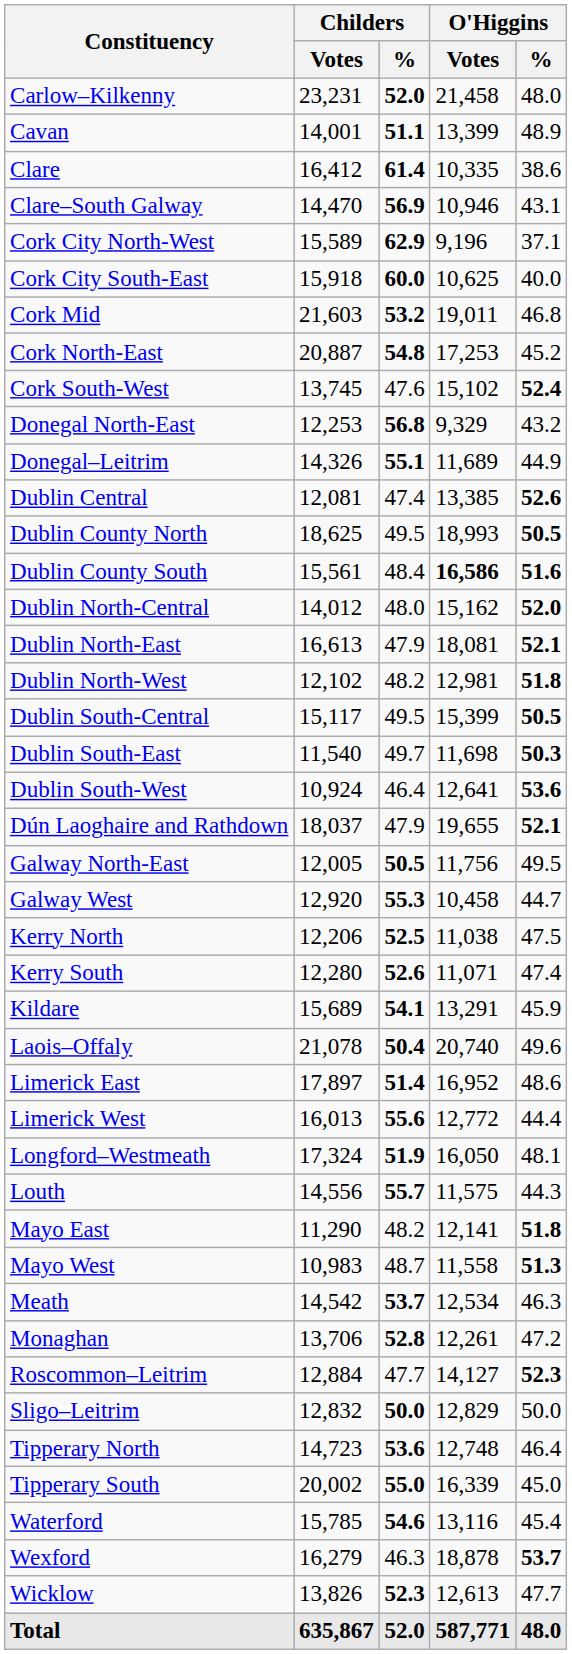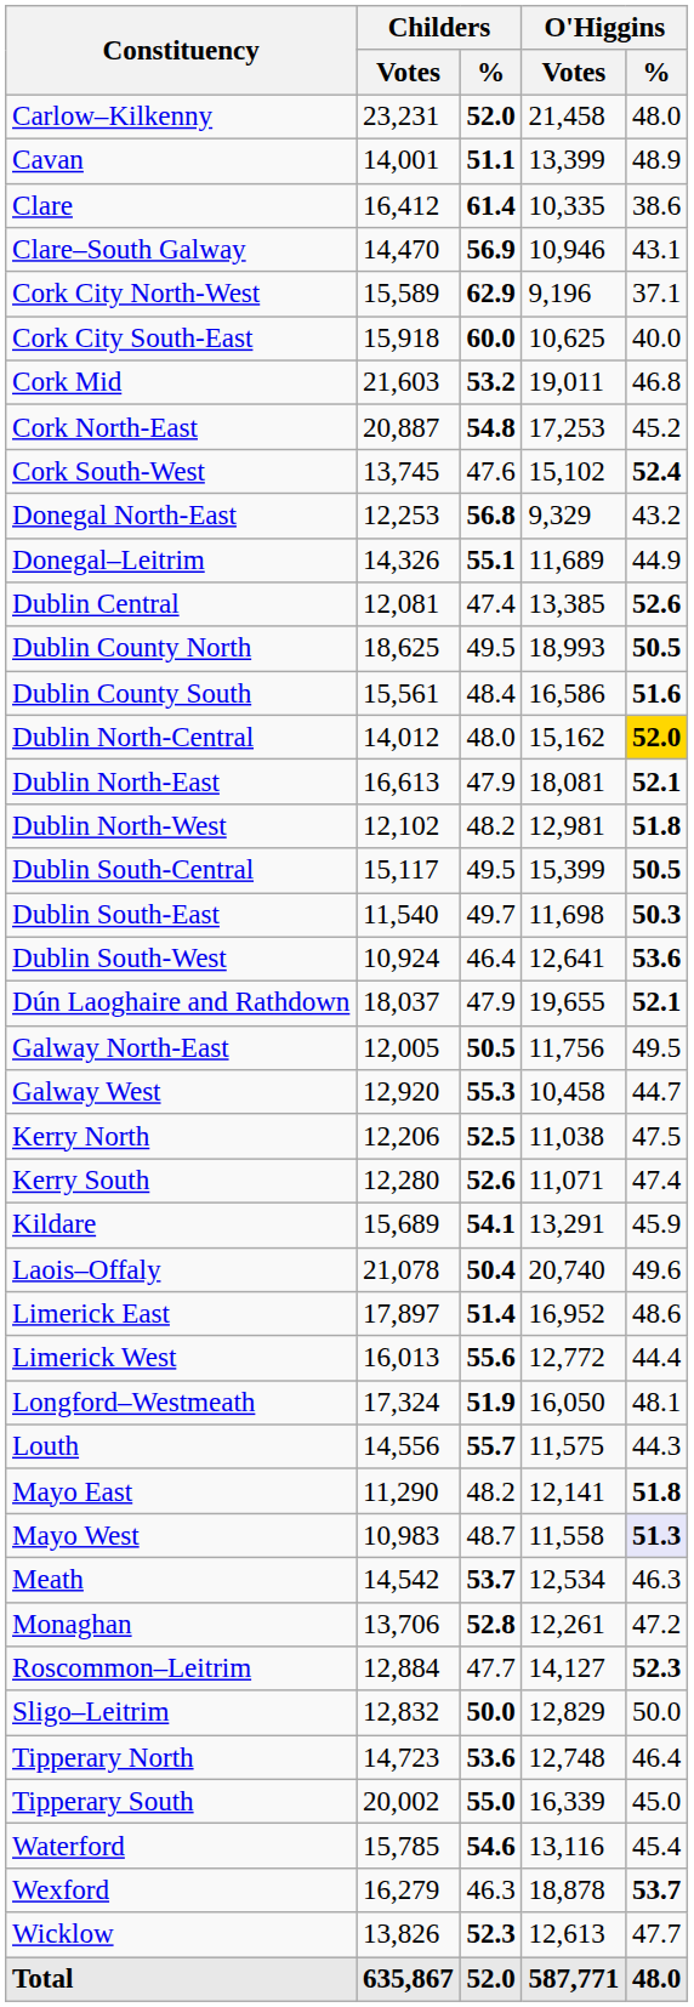 <table class="wikitable sortable">
 <tr>
 <th rowspan="2">Constituency</th>
 <th colspan="2">Childers</th>
 <th colspan="2">O'Higgins</th>
 </tr>
 <tr>
 <th>Votes</th>
 <th>%</th>
 <th>Votes</th>
 <th>%</th>
 </tr>
 <tr>
 <td><a href='#'>Carlow–Kilkenny</a></td>
 <td>23,231</td>
 <td><strong>52.0</strong></td>
 <td>21,458</td>
 <td>48.0</td>
 </tr>
 <tr>
 <td><a href='#'>Cavan</a></td>
 <td>14,001</td>
 <td><strong>51.1</strong></td>
 <td>13,399</td>
 <td>48.9</td>
 </tr>
 <tr>
 <td><a href='#'>Clare</a></td>
 <td>16,412</td>
 <td><strong>61.4</strong></td>
 <td>10,335</td>
 <td>38.6</td>
 </tr>
 <tr>
 <td><a href='#'>Clare–South Galway</a></td>
 <td>14,470</td>
 <td><strong>56.9</strong></td>
 <td>10,946</td>
 <td>43.1</td>
 </tr>
 <tr>
 <td><a href='#'>Cork City North-West</a></td>
 <td>15,589</td>
 <td><strong>62.9</strong></td>
 <td>9,196</td>
 <td>37.1</td>
 </tr>
 <tr>
 <td><a href='#'>Cork City South-East</a></td>
 <td>15,918</td>
 <td><strong>60.0</strong></td>
 <td>10,625</td>
 <td>40.0</td>
 </tr>
 <tr>
 <td><a href='#'>Cork Mid</a></td>
 <td>21,603</td>
 <td><strong>53.2</strong></td>
 <td>19,011</td>
 <td>46.8</td>
 </tr>
 <tr>
 <td><a href='#'>Cork North-East</a></td>
 <td>20,887</td>
 <td><strong>54.8</strong></td>
 <td>17,253</td>
 <td>45.2</td>
 </tr>
 <tr>
 <td><a href='#'>Cork South-West</a></td>
 <td>13,745</td>
 <td>47.6</td>
 <td>15,102</td>
 <td><strong>52.4</strong></td>
 </tr>
 <tr>
 <td><a href='#'>Donegal North-East</a></td>
 <td>12,253</td>
 <td><strong>56.8</strong></td>
 <td>9,329</td>
 <td>43.2</td>
 </tr>
 <tr>
 <td><a href='#'>Donegal–Leitrim</a></td>
 <td>14,326</td>
 <td><strong>55.1</strong></td>
 <td>11,689</td>
 <td>44.9</td>
 </tr>
 <tr>
 <td><a href='#'>Dublin Central</a></td>
 <td>12,081</td>
 <td>47.4</td>
 <td>13,385</td>
 <td><strong>52.6</strong></td>
 </tr>
 <tr>
 <td><a href='#'>Dublin County North</a></td>
 <td>18,625</td>
 <td>49.5</td>
 <td>18,993</td>
 <td><strong>50.5</strong></td>
 </tr>
 <tr>
 <td><a href='#'>Dublin County South</a></td>
 <td>15,561</td>
 <td>48.4</td>
-<td><strong>16,586</strong></td>
+<td>16,586</td>
 <td><strong>51.6</strong></td>
 </tr>
 <tr>
 <td><a href='#'>Dublin North-Central</a></td>
 <td>14,012</td>
 <td>48.0</td>
 <td>15,162</td>
-<td><strong>52.0</strong></td>
+<td style="background: gold;"><strong>52.0</strong></td>
 </tr>
 <tr>
 <td><a href='#'>Dublin North-East</a></td>
 <td>16,613</td>
 <td>47.9</td>
 <td>18,081</td>
 <td><strong>52.1</strong></td>
 </tr>
 <tr>
 <td><a href='#'>Dublin North-West</a></td>
 <td>12,102</td>
 <td>48.2</td>
 <td>12,981</td>
 <td><strong>51.8</strong></td>
 </tr>
 <tr>
 <td><a href='#'>Dublin South-Central</a></td>
 <td>15,117</td>
 <td>49.5</td>
 <td>15,399</td>
 <td><strong>50.5</strong></td>
 </tr>
 <tr>
 <td><a href='#'>Dublin South-East</a></td>
 <td>11,540</td>
 <td>49.7</td>
 <td>11,698</td>
 <td><strong>50.3</strong></td>
 </tr>
 <tr>
 <td><a href='#'>Dublin South-West</a></td>
 <td>10,924</td>
 <td>46.4</td>
 <td>12,641</td>
 <td><strong>53.6</strong></td>
 </tr>
 <tr>
 <td><a href='#'>Dún Laoghaire and Rathdown</a></td>
 <td>18,037</td>
 <td>47.9</td>
 <td>19,655</td>
 <td><strong>52.1</strong></td>
 </tr>
 <tr>
 <td><a href='#'>Galway North-East</a></td>
 <td>12,005</td>
 <td><strong>50.5</strong></td>
 <td>11,756</td>
 <td>49.5</td>
 </tr>
 <tr>
 <td><a href='#'>Galway West</a></td>
 <td>12,920</td>
 <td><strong>55.3</strong></td>
 <td>10,458</td>
 <td>44.7</td>
 </tr>
 <tr>
 <td><a href='#'>Kerry North</a></td>
 <td>12,206</td>
 <td><strong>52.5</strong></td>
 <td>11,038</td>
 <td>47.5</td>
 </tr>
 <tr>
 <td><a href='#'>Kerry South</a></td>
 <td>12,280</td>
 <td><strong>52.6</strong></td>
 <td>11,071</td>
 <td>47.4</td>
 </tr>
 <tr>
 <td><a href='#'>Kildare</a></td>
 <td>15,689</td>
 <td><strong>54.1</strong></td>
 <td>13,291</td>
 <td>45.9</td>
 </tr>
 <tr>
 <td><a href='#'>Laois–Offaly</a></td>
 <td>21,078</td>
 <td><strong>50.4</strong></td>
 <td>20,740</td>
 <td>49.6</td>
 </tr>
 <tr>
 <td><a href='#'>Limerick East</a></td>
 <td>17,897</td>
 <td><strong>51.4</strong></td>
 <td>16,952</td>
 <td>48.6</td>
 </tr>
 <tr>
 <td><a href='#'>Limerick West</a></td>
 <td>16,013</td>
 <td><strong>55.6</strong></td>
 <td>12,772</td>
 <td>44.4</td>
 </tr>
 <tr>
 <td><a href='#'>Longford–Westmeath</a></td>
 <td>17,324</td>
 <td><strong>51.9</strong></td>
 <td>16,050</td>
 <td>48.1</td>
 </tr>
 <tr>
 <td><a href='#'>Louth</a></td>
 <td>14,556</td>
 <td><strong>55.7</strong></td>
 <td>11,575</td>
 <td>44.3</td>
 </tr>
 <tr>
 <td><a href='#'>Mayo East</a></td>
 <td>11,290</td>
 <td>48.2</td>
 <td>12,141</td>
 <td><strong>51.8</strong></td>
 </tr>
 <tr>
 <td><a href='#'>Mayo West</a></td>
 <td>10,983</td>
 <td>48.7</td>
 <td>11,558</td>
-<td><strong>51.3</strong></td>
+<td style="background: lavender;"><strong>51.3</strong></td>
 </tr>
 <tr>
 <td><a href='#'>Meath</a></td>
 <td>14,542</td>
 <td><strong>53.7</strong></td>
 <td>12,534</td>
 <td>46.3</td>
 </tr>
 <tr>
 <td><a href='#'>Monaghan</a></td>
 <td>13,706</td>
 <td><strong>52.8</strong></td>
 <td>12,261</td>
 <td>47.2</td>
 </tr>
 <tr>
 <td><a href='#'>Roscommon–Leitrim</a></td>
 <td>12,884</td>
 <td>47.7</td>
 <td>14,127</td>
 <td><strong>52.3</strong></td>
 </tr>
 <tr>
 <td><a href='#'>Sligo–Leitrim</a></td>
 <td>12,832</td>
 <td><strong>50.0</strong></td>
 <td>12,829</td>
 <td>50.0</td>
 </tr>
 <tr>
 <td><a href='#'>Tipperary North</a></td>
 <td>14,723</td>
 <td><strong>53.6</strong></td>
 <td>12,748</td>
 <td>46.4</td>
 </tr>
 <tr>
 <td><a href='#'>Tipperary South</a></td>
 <td>20,002</td>
 <td><strong>55.0</strong></td>
 <td>16,339</td>
 <td>45.0</td>
 </tr>
 <tr>
 <td><a href='#'>Waterford</a></td>
 <td>15,785</td>
 <td><strong>54.6</strong></td>
 <td>13,116</td>
 <td>45.4</td>
 </tr>
 <tr>
 <td><a href='#'>Wexford</a></td>
 <td>16,279</td>
 <td>46.3</td>
 <td>18,878</td>
 <td><strong>53.7</strong></td>
 </tr>
 <tr>
 <td><a href='#'>Wicklow</a></td>
 <td>13,826</td>
 <td><strong>52.3</strong></td>
 <td>12,613</td>
 <td>47.7</td>
 </tr>
 <tr class="sortbottom" style="font-weight:bold; background:rgb(232,232,232);">
 <td>Total</td>
 <td>635,867</td>
 <td>52.0</td>
 <td>587,771</td>
 <td>48.0</td>
 </tr>
 </table>
